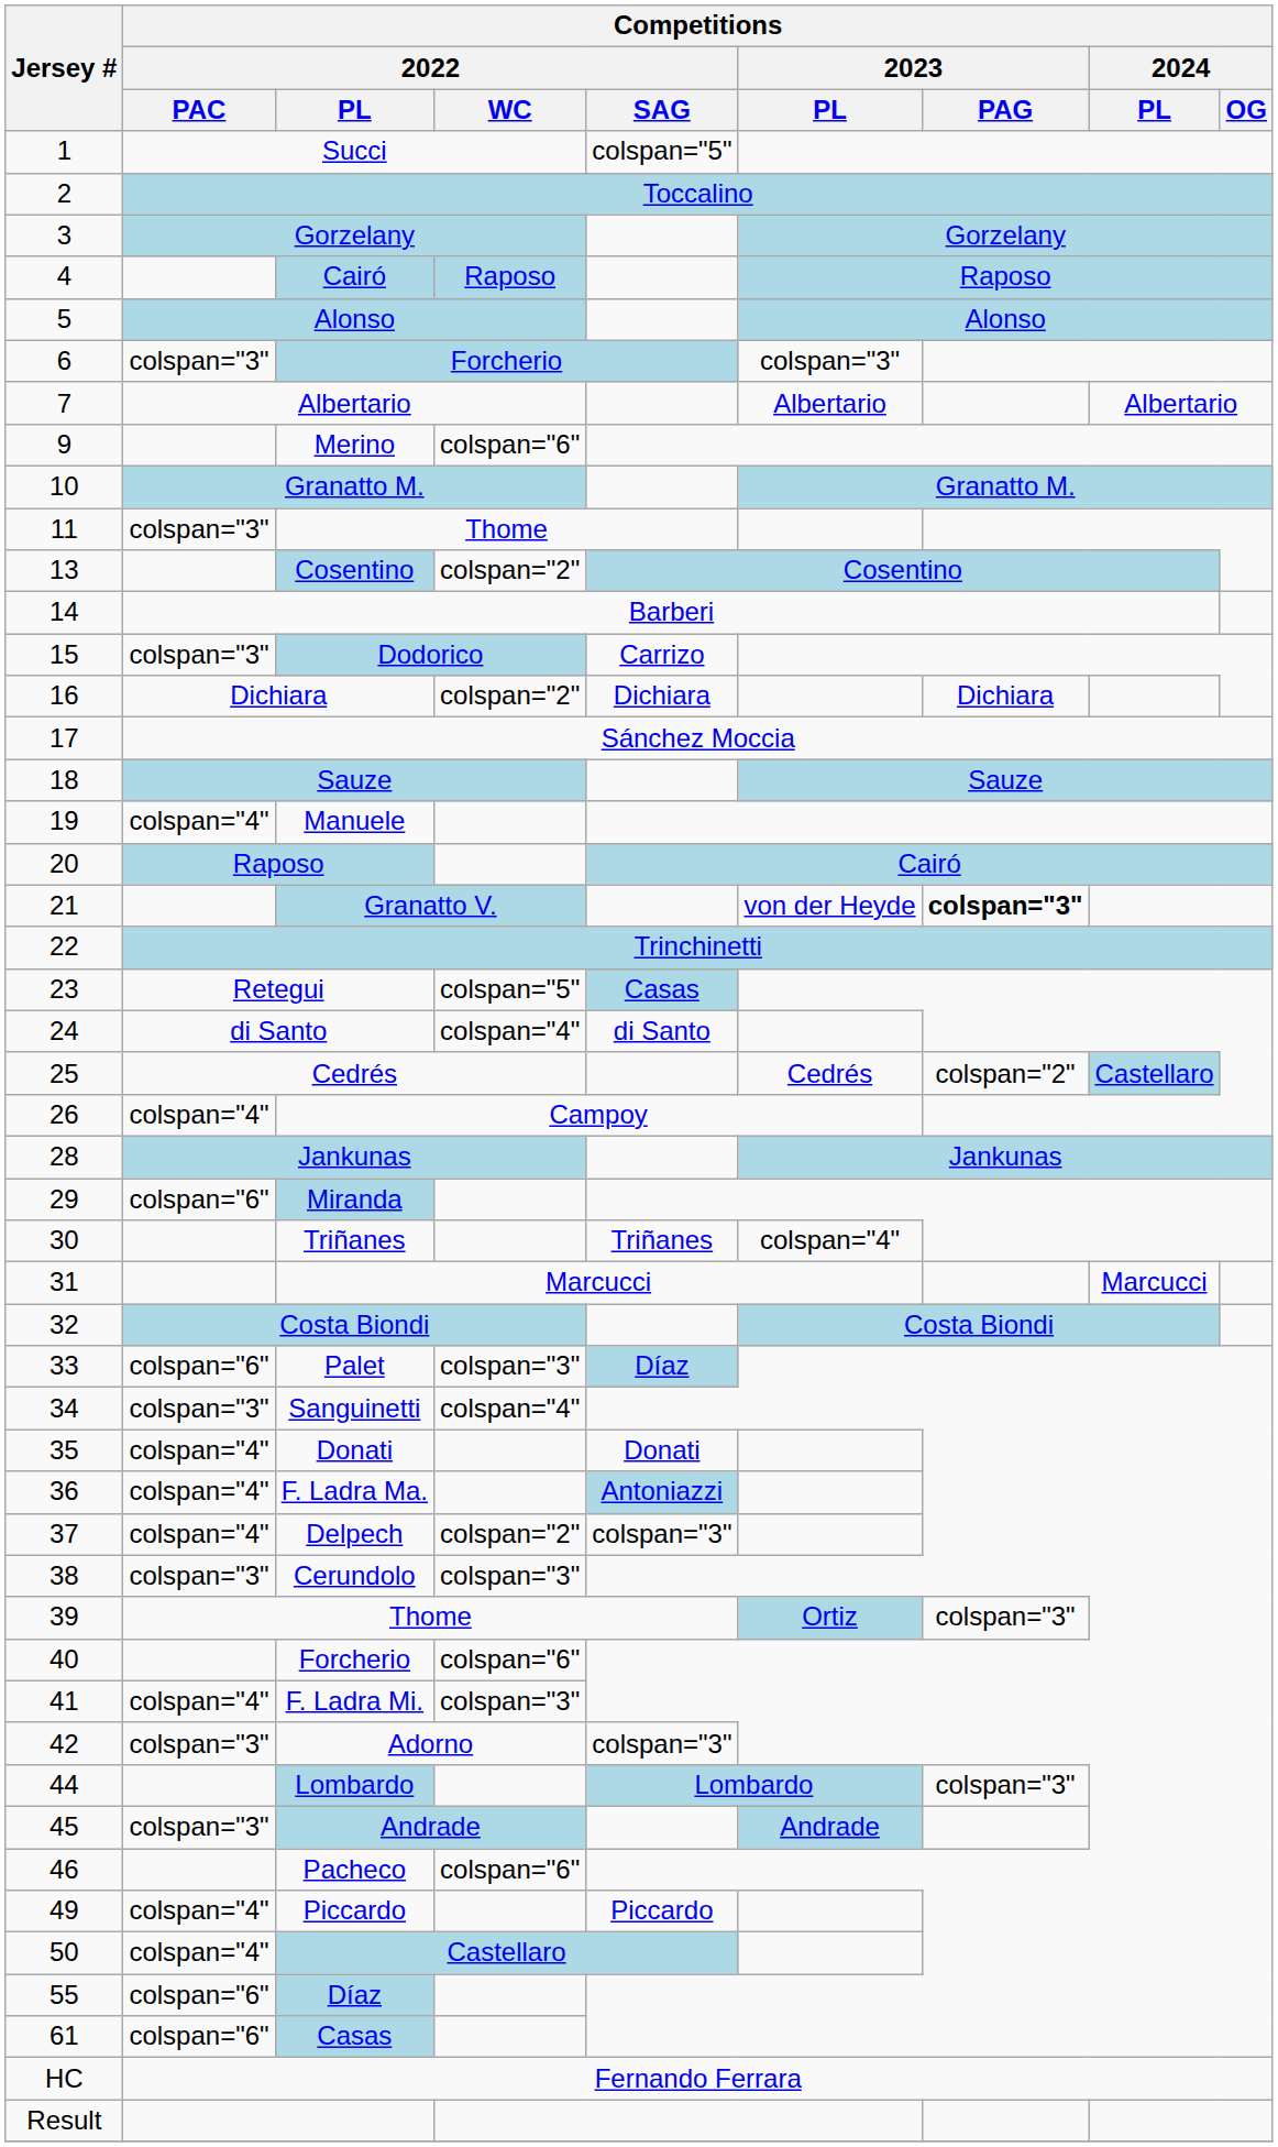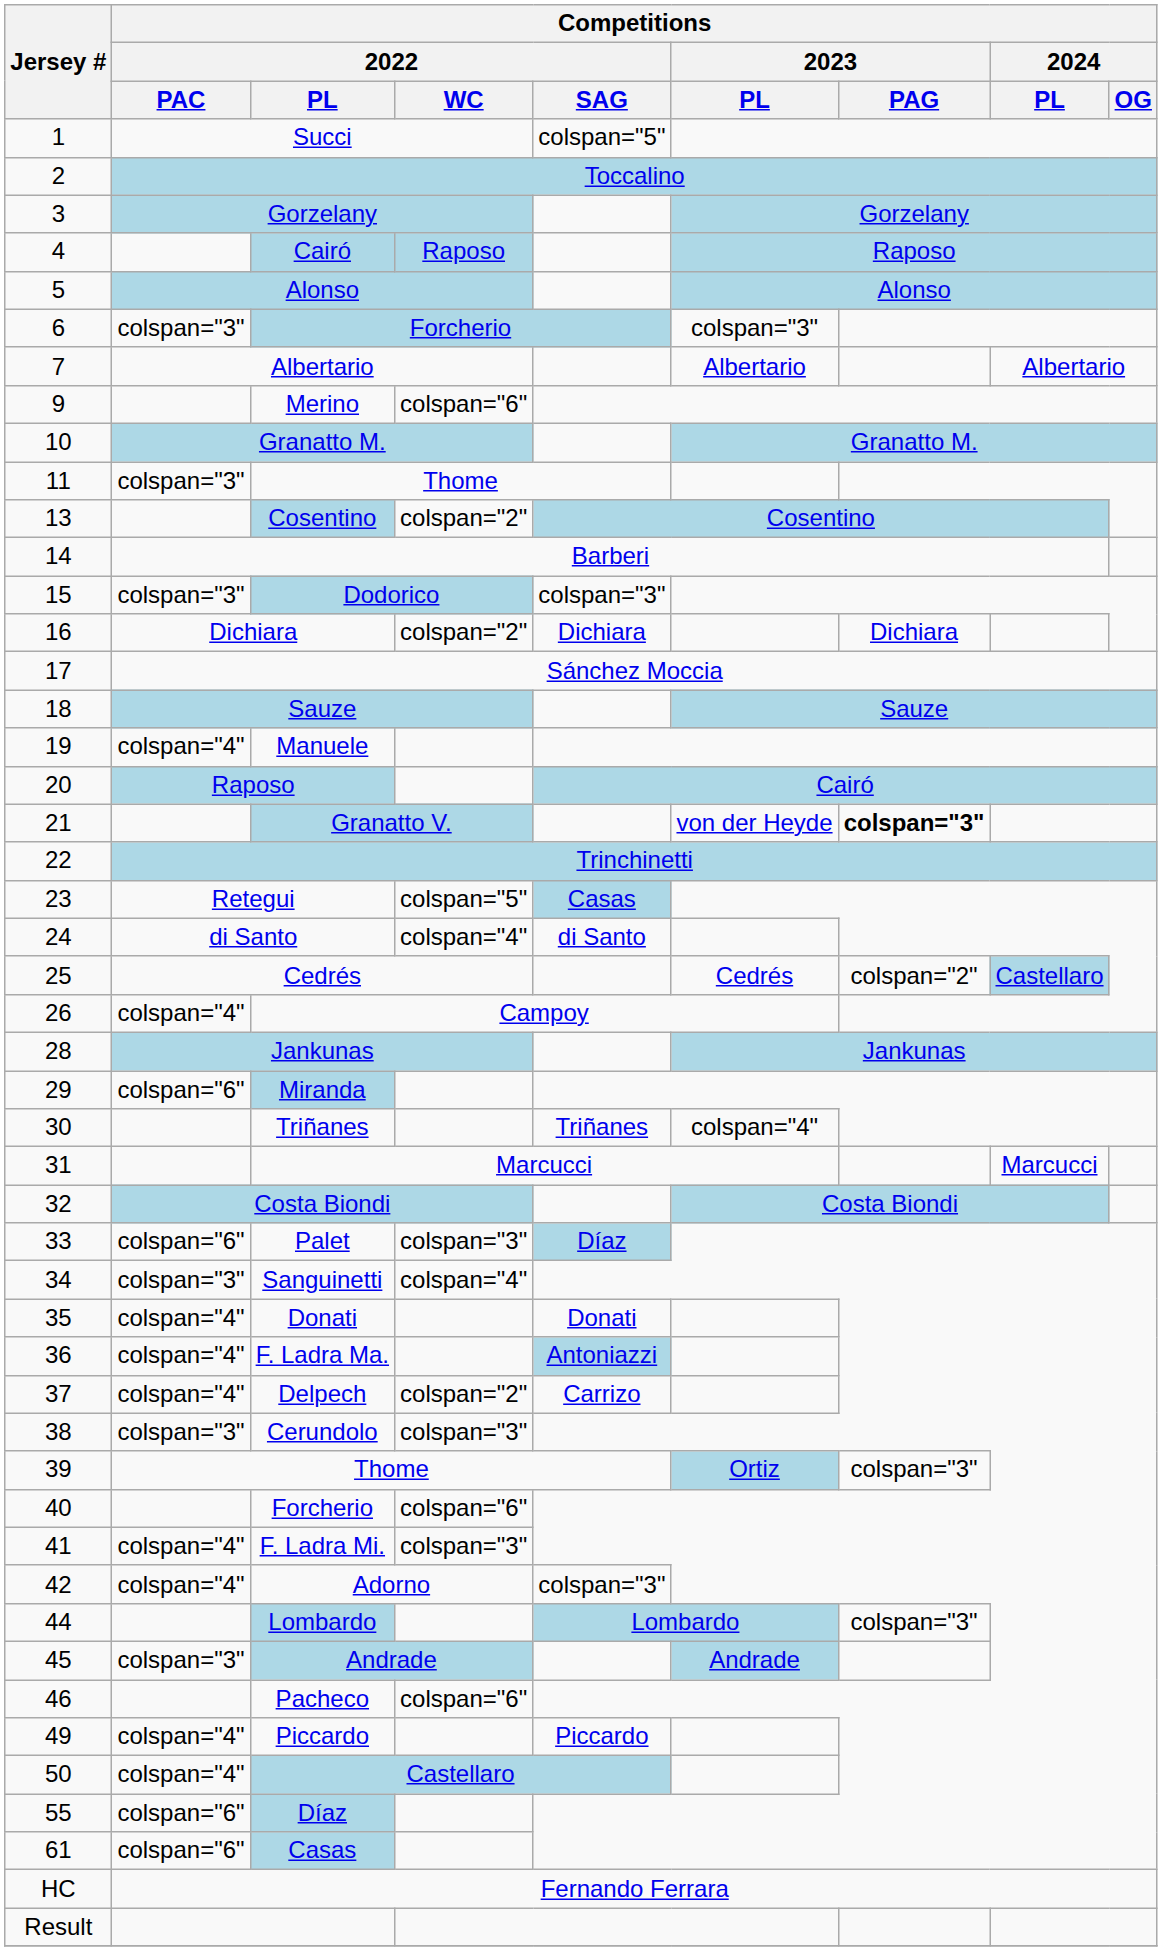 <table class="wikitable" style="text-align:center">
 <tr>
 <th rowspan="3">Jersey #</th>
 <th colspan="8">Competitions</th>
 </tr>
 <tr>
 <th colspan="4">2022</th>
 <th colspan="2">2023</th>
 <th colspan="2">2024</th>
 </tr>
 <tr>
 <th><a href='#'>PAC</a></th>
 <th><a href='#'>PL</a></th>
 <th><a href='#'>WC</a></th>
 <th><a href='#'>SAG</a></th>
 <th><a href='#'>PL</a></th>
 <th><a href='#'>PAG</a></th>
 <th><a href='#'>PL</a></th>
 <th><a href='#'>OG</a></th>
 </tr>
 <tr>
 <td>1</td>
 <td colspan="3"><a href='#'>Succi</a></td>
 <td>colspan="5"</td>
 </tr>
 <tr>
 <td>2</td>
 <td colspan="8"bgcolor="lightblue"><a href='#'>Toccalino</a></td>
 </tr>
 <tr>
 <td>3</td>
 <td colspan="3"bgcolor="lightblue"><a href='#'>Gorzelany</a></td>
 <td></td>
 <td colspan="4"bgcolor="lightblue"><a href='#'>Gorzelany</a></td>
 </tr>
 <tr>
 <td>4</td>
 <td></td>
 <td bgcolor="lightblue"><a href='#'>Cairó</a></td>
 <td bgcolor="lightblue"><a href='#'>Raposo</a></td>
 <td></td>
 <td colspan="4"bgcolor="lightblue"><a href='#'>Raposo</a></td>
 </tr>
 <tr>
 <td>5</td>
 <td colspan="3"bgcolor="lightblue"><a href='#'>Alonso</a></td>
 <td></td>
 <td colspan="4"bgcolor="lightblue"><a href='#'>Alonso</a></td>
 </tr>
 <tr>
 <td>6</td>
 <td>colspan="3"</td>
 <td bgcolor="lightblue"colspan="3"><a href='#'>Forcherio</a></td>
 <td>colspan="3"</td>
 </tr>
 <tr>
 <td>7</td>
 <td colspan="3"><a href='#'>Albertario</a></td>
 <td></td>
 <td><a href='#'>Albertario</a></td>
 <td></td>
 <td colspan="2"><a href='#'>Albertario</a></td>
 </tr>
 <tr>
 <td>9</td>
 <td></td>
 <td><a href='#'>Merino</a></td>
 <td>colspan="6"</td>
 </tr>
 <tr>
 <td>10</td>
 <td colspan="3"bgcolor="lightblue"><a href='#'>Granatto M.</a></td>
 <td></td>
 <td colspan="4"bgcolor="lightblue"><a href='#'>Granatto M.</a></td>
 </tr>
 <tr>
 <td>11</td>
 <td>colspan="3"</td>
 <td colspan="3"><a href='#'>Thome</a></td>
 <td></td>
 </tr>
 <tr>
 <td>13</td>
 <td></td>
 <td bgcolor="lightblue"><a href='#'>Cosentino</a></td>
 <td>colspan="2"</td>
 <td colspan="4"bgcolor="lightblue"><a href='#'>Cosentino</a></td>
 </tr>
 <tr>
 <td>14</td>
 <td colspan="7"><a href='#'>Barberi</a></td>
 <td></td>
 </tr>
 <tr>
 <td>15</td>
 <td>colspan="3"</td>
 <td colspan="2"bgcolor="lightblue"><a href='#'>Dodorico</a></td>
-<td><a href='#'>Carrizo</a></td>
+<td>colspan="3"</td>
 </tr>
 <tr>
 <td>16</td>
 <td colspan="2"><a href='#'>Dichiara</a></td>
 <td>colspan="2"</td>
 <td><a href='#'>Dichiara</a></td>
 <td></td>
 <td><a href='#'>Dichiara</a></td>
 <td></td>
 </tr>
 <tr>
 <td>17</td>
 <td colspan="8"><a href='#'>Sánchez Moccia</a></td>
 </tr>
 <tr>
 <td>18</td>
 <td colspan="3"bgcolor="lightblue"><a href='#'>Sauze</a></td>
 <td></td>
 <td colspan="4"bgcolor="lightblue"><a href='#'>Sauze</a></td>
 </tr>
 <tr>
 <td>19</td>
 <td>colspan="4"</td>
 <td><a href='#'>Manuele</a></td>
 <td></td>
 </tr>
 <tr>
 <td>20</td>
 <td colspan="2"bgcolor="lightblue"><a href='#'>Raposo</a></td>
 <td></td>
 <td colspan="5"bgcolor="lightblue"><a href='#'>Cairó</a></td>
 </tr>
 <tr>
 <td>21</td>
 <td></td>
 <td colspan="2"bgcolor="lightblue"><a href='#'>Granatto V.</a></td>
 <td></td>
 <td><a href='#'>von der Heyde</a></td>
 <td><strong>colspan="3"</strong></td>
 </tr>
 <tr>
 <td>22</td>
 <td colspan="8"bgcolor="lightblue"><a href='#'>Trinchinetti</a></td>
 </tr>
 <tr>
 <td>23</td>
 <td colspan="2"><a href='#'>Retegui</a></td>
 <td>colspan="5"</td>
 <td bgcolor="lightblue"><a href='#'>Casas</a></td>
 </tr>
 <tr>
 <td>24</td>
 <td colspan="2"><a href='#'>di Santo</a></td>
 <td>colspan="4"</td>
 <td><a href='#'>di Santo</a></td>
 <td></td>
 </tr>
 <tr>
 <td>25</td>
 <td colspan="3"><a href='#'>Cedrés</a></td>
 <td></td>
 <td><a href='#'>Cedrés</a></td>
 <td>colspan="2"</td>
 <td bgcolor="lightblue"><a href='#'>Castellaro</a></td>
 </tr>
 <tr>
 <td>26</td>
 <td>colspan="4"</td>
 <td colspan="4"><a href='#'>Campoy</a></td>
 </tr>
 <tr>
 <td>28</td>
 <td colspan="3"bgcolor="lightblue"><a href='#'>Jankunas</a></td>
 <td></td>
 <td colspan="4"bgcolor="lightblue"><a href='#'>Jankunas</a></td>
 </tr>
 <tr>
 <td>29</td>
 <td>colspan="6"</td>
 <td bgcolor="lightblue"><a href='#'>Miranda</a></td>
 <td></td>
 </tr>
 <tr>
 <td>30</td>
 <td></td>
 <td><a href='#'>Triñanes</a></td>
 <td></td>
 <td><a href='#'>Triñanes</a></td>
 <td>colspan="4"</td>
 </tr>
 <tr>
 <td>31</td>
 <td></td>
 <td colspan="4"><a href='#'>Marcucci</a></td>
 <td></td>
 <td><a href='#'>Marcucci</a></td>
 <td></td>
 </tr>
 <tr>
 <td>32</td>
 <td colspan="3"bgcolor="lightblue"><a href='#'>Costa Biondi</a></td>
 <td></td>
 <td colspan="3"bgcolor="lightblue"><a href='#'>Costa Biondi</a></td>
 <td></td>
 </tr>
 <tr>
 <td>33</td>
 <td>colspan="6"</td>
 <td><a href='#'>Palet</a></td>
 <td>colspan="3"</td>
 <td bgcolor="lightblue"><a href='#'>Díaz</a></td>
 </tr>
 <tr>
 <td>34</td>
 <td>colspan="3"</td>
 <td><a href='#'>Sanguinetti</a></td>
 <td>colspan="4"</td>
 </tr>
 <tr>
 <td>35</td>
 <td>colspan="4"</td>
 <td><a href='#'>Donati</a></td>
 <td></td>
 <td><a href='#'>Donati</a></td>
 <td></td>
 </tr>
 <tr>
 <td>36</td>
 <td>colspan="4"</td>
 <td><a href='#'>F. Ladra Ma.</a></td>
 <td></td>
 <td bgcolor="lightblue"><a href='#'>Antoniazzi</a></td>
 <td></td>
 </tr>
 <tr>
 <td>37</td>
 <td>colspan="4"</td>
 <td><a href='#'>Delpech</a></td>
 <td>colspan="2"</td>
-<td>colspan="3"</td>
+<td><a href='#'>Carrizo</a></td>
 <td></td>
 </tr>
 <tr>
 <td>38</td>
 <td>colspan="3"</td>
 <td><a href='#'>Cerundolo</a></td>
 <td>colspan="3"</td>
 </tr>
 <tr>
 <td>39</td>
 <td colspan="4"><a href='#'>Thome</a></td>
 <td bgcolor="lightblue"><a href='#'>Ortiz</a></td>
 <td>colspan="3"</td>
 </tr>
 <tr>
 <td>40</td>
 <td></td>
 <td><a href='#'>Forcherio</a></td>
 <td>colspan="6"</td>
 </tr>
 <tr>
 <td>41</td>
 <td>colspan="4"</td>
 <td><a href='#'>F. Ladra Mi.</a></td>
 <td>colspan="3"</td>
 </tr>
 <tr>
 <td>42</td>
-<td>colspan="3"</td>
+<td>colspan="4"</td>
 <td colspan="2"><a href='#'>Adorno</a></td>
 <td>colspan="3"</td>
 </tr>
 <tr>
 <td>44</td>
 <td></td>
 <td bgcolor="lightblue"><a href='#'>Lombardo</a></td>
 <td></td>
 <td colspan="2"bgcolor="lightblue"><a href='#'>Lombardo</a></td>
 <td>colspan="3"</td>
 </tr>
 <tr>
 <td>45</td>
 <td>colspan="3"</td>
 <td colspan="2"bgcolor="lightblue"><a href='#'>Andrade</a></td>
 <td></td>
 <td bgcolor="lightblue"><a href='#'>Andrade</a></td>
 <td></td>
 </tr>
 <tr>
 <td>46</td>
 <td></td>
 <td><a href='#'>Pacheco</a></td>
 <td>colspan="6"</td>
 </tr>
 <tr>
 <td>49</td>
 <td>colspan="4"</td>
 <td><a href='#'>Piccardo</a></td>
 <td></td>
 <td><a href='#'>Piccardo</a></td>
 <td></td>
 </tr>
 <tr>
 <td>50</td>
 <td>colspan="4"</td>
 <td colspan="3"bgcolor="lightblue"><a href='#'>Castellaro</a></td>
 <td></td>
 </tr>
 <tr>
 <td>55</td>
 <td>colspan="6"</td>
 <td bgcolor="lightblue"><a href='#'>Díaz</a></td>
 <td></td>
 </tr>
 <tr>
 <td>61</td>
 <td>colspan="6"</td>
 <td bgcolor="lightblue"><a href='#'>Casas</a></td>
 <td></td>
 </tr>
 <tr>
 <td>HC</td>
 <td colspan="8"><a href='#'>Fernando Ferrara</a></td>
 </tr>
 <tr>
 <td>Result</td>
 <td colspan="2"></td>
 <td colspan="3"></td>
 <td></td>
 <td colspan="2"></td>
 </tr>
 <tr>
 </tr>
 </table>
